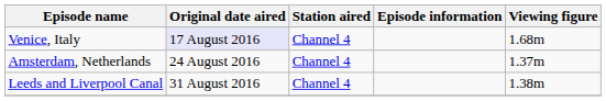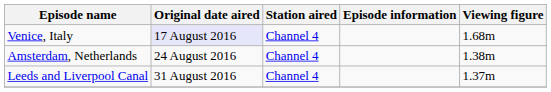 <table class="wikitable sortable">
 <tr>
 <th>Episode name</th>
 <th>Original date aired</th>
 <th>Station aired</th>
 <th>Episode information</th>
 <th>Viewing figure</th>
 </tr>
 <tr>
 <td><a href='#'>Venice</a>, Italy</td>
 <td style="background: lavender;">17 August 2016</td>
 <td><a href='#'>Channel 4</a></td>
 <td></td>
 <td>1.68m</td>
 </tr>
 <tr>
 <td><a href='#'>Amsterdam</a>, Netherlands</td>
 <td>24 August 2016</td>
 <td><a href='#'>Channel 4</a></td>
 <td></td>
-<td>1.37m</td>
+<td>1.38m</td>
 </tr>
 <tr>
 <td><a href='#'>Leeds and Liverpool Canal</a></td>
 <td>31 August 2016</td>
 <td><a href='#'>Channel 4</a></td>
 <td></td>
-<td>1.38m</td>
+<td>1.37m</td>
 </tr>
 <tr>
 </tr>
 </table>
